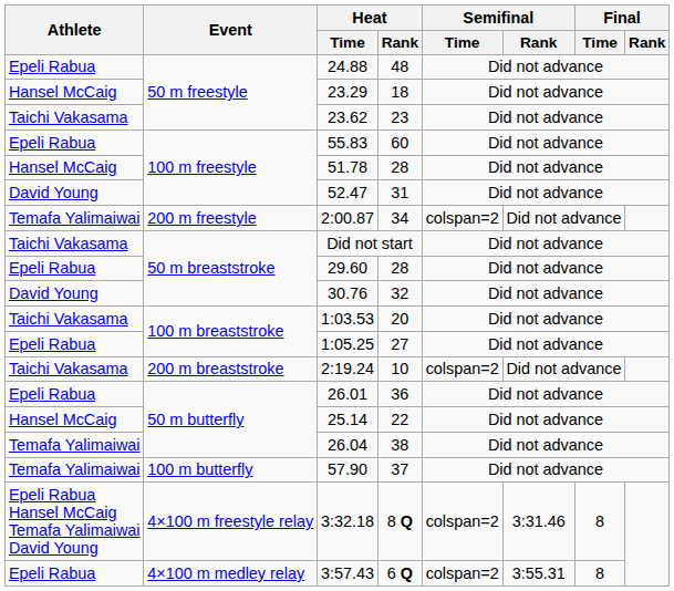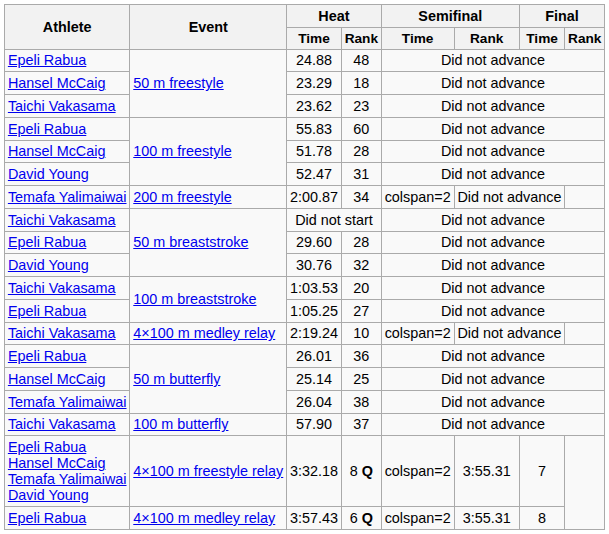 <table class=wikitable style="font-size:90%; text-align:center">
 <tr>
 <th rowspan=2>Athlete</th>
 <th rowspan=2>Event</th>
 <th colspan=2>Heat</th>
 <th colspan=2>Semifinal</th>
 <th colspan=2>Final</th>
 </tr>
 <tr style=font-size:95%>
 <th>Time</th>
 <th>Rank</th>
 <th>Time</th>
 <th>Rank</th>
 <th>Time</th>
 <th>Rank</th>
 </tr>
 <tr>
 <td align=left><a href='#'>Epeli Rabua</a></td>
 <td align=left rowspan=3><a href='#'>50 m freestyle</a></td>
 <td>24.88</td>
 <td>48</td>
 <td colspan=4>Did not advance</td>
 </tr>
 <tr>
 <td align=left><a href='#'>Hansel McCaig</a></td>
 <td>23.29</td>
 <td>18</td>
 <td colspan=4>Did not advance</td>
 </tr>
 <tr>
 <td align=left><a href='#'>Taichi Vakasama</a></td>
 <td>23.62</td>
 <td>23</td>
 <td colspan=4>Did not advance</td>
 </tr>
 <tr>
 <td align=left><a href='#'>Epeli Rabua</a></td>
 <td align=left rowspan=3><a href='#'>100 m freestyle</a></td>
 <td>55.83</td>
 <td>60</td>
 <td colspan=4>Did not advance</td>
 </tr>
 <tr>
 <td align=left><a href='#'>Hansel McCaig</a></td>
 <td>51.78</td>
 <td>28</td>
 <td colspan=4>Did not advance</td>
 </tr>
 <tr>
 <td align=left><a href='#'>David Young</a></td>
 <td>52.47</td>
 <td>31</td>
 <td colspan=4>Did not advance</td>
 </tr>
 <tr>
 <td align=left><a href='#'>Temafa Yalimaiwai</a></td>
 <td align=left rowspan=1><a href='#'>200 m freestyle</a></td>
 <td>2:00.87</td>
 <td>34</td>
 <td>colspan=2 </td>
 <td colspan=2>Did not advance</td>
 </tr>
 <tr>
 <td align=left><a href='#'>Taichi Vakasama</a></td>
 <td align=left rowspan=3><a href='#'>50 m breaststroke</a></td>
 <td colspan=2>Did not start</td>
 <td colspan=4>Did not advance</td>
 </tr>
 <tr>
 <td align=left><a href='#'>Epeli Rabua</a></td>
 <td>29.60</td>
 <td>28</td>
 <td colspan=4>Did not advance</td>
 </tr>
 <tr>
 <td align=left><a href='#'>David Young</a></td>
 <td>30.76</td>
 <td>32</td>
 <td colspan=4>Did not advance</td>
 </tr>
 <tr>
 <td align=left><a href='#'>Taichi Vakasama</a></td>
 <td align=left rowspan=2><a href='#'>100 m breaststroke</a></td>
 <td>1:03.53</td>
 <td>20</td>
 <td colspan=4>Did not advance</td>
 </tr>
 <tr>
 <td align=left><a href='#'>Epeli Rabua</a></td>
 <td>1:05.25</td>
 <td>27</td>
 <td colspan=4>Did not advance</td>
 </tr>
 <tr>
 <td align=left><a href='#'>Taichi Vakasama</a></td>
-<td align=left rowspan=1><a href='#'>200 m breaststroke</a></td>
+<td align=left><a href='#'>4×100 m medley relay</a></td>
 <td>2:19.24</td>
 <td>10</td>
 <td>colspan=2 </td>
 <td colspan=2>Did not advance</td>
 </tr>
 <tr>
 <td align=left><a href='#'>Epeli Rabua</a></td>
 <td align=left rowspan=3><a href='#'>50 m butterfly</a></td>
 <td>26.01</td>
 <td>36</td>
 <td colspan=4>Did not advance</td>
 </tr>
 <tr>
 <td align=left><a href='#'>Hansel McCaig</a></td>
 <td>25.14</td>
-<td>22</td>
+<td>25</td>
 <td colspan=4>Did not advance</td>
 </tr>
 <tr>
 <td align=left><a href='#'>Temafa Yalimaiwai</a></td>
 <td>26.04</td>
 <td>38</td>
 <td colspan=4>Did not advance</td>
 </tr>
 <tr>
-<td align=left><a href='#'>Temafa Yalimaiwai</a></td>
+<td align=left><a href='#'>Taichi Vakasama</a></td>
 <td align=left><a href='#'>100 m butterfly</a></td>
 <td>57.90</td>
 <td>37</td>
 <td colspan=4>Did not advance</td>
 </tr>
 <tr>
 <td align=left><a href='#'>Epeli Rabua</a><br><a href='#'>Hansel McCaig</a><br><a href='#'>Temafa Yalimaiwai</a><br><a href='#'>David Young</a></td>
 <td align=left><a href='#'>4×100 m freestyle relay</a></td>
 <td>3:32.18</td>
 <td>8 <strong>Q</strong></td>
 <td>colspan=2 </td>
-<td>3:31.46</td>
-<td>8</td>
+<td>3:55.31</td>
+<td>7</td>
 </tr>
 <tr>
 <td align=left><a href='#'>Epeli Rabua</a></td>
 <td align=left><a href='#'>4×100 m medley relay</a></td>
 <td>3:57.43</td>
 <td>6 <strong>Q</strong></td>
 <td>colspan=2 </td>
 <td>3:55.31</td>
 <td>8</td>
 </tr>
 </table>
